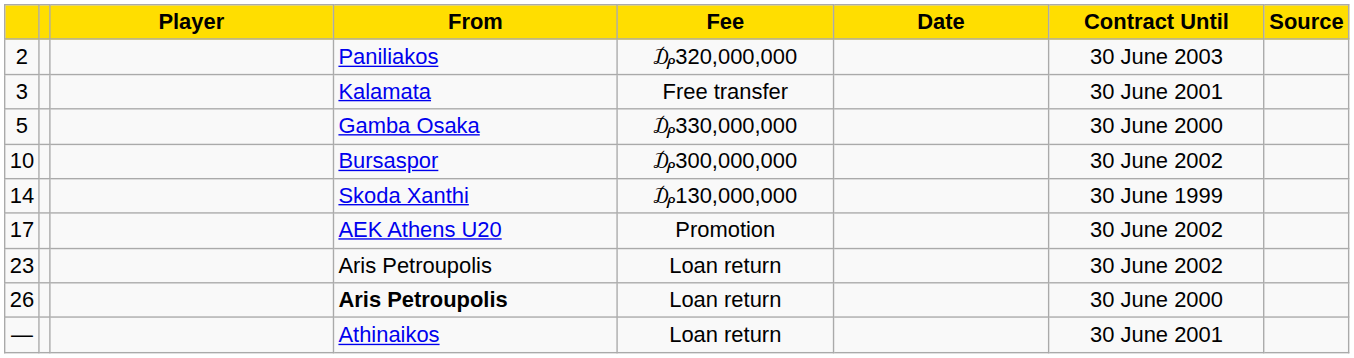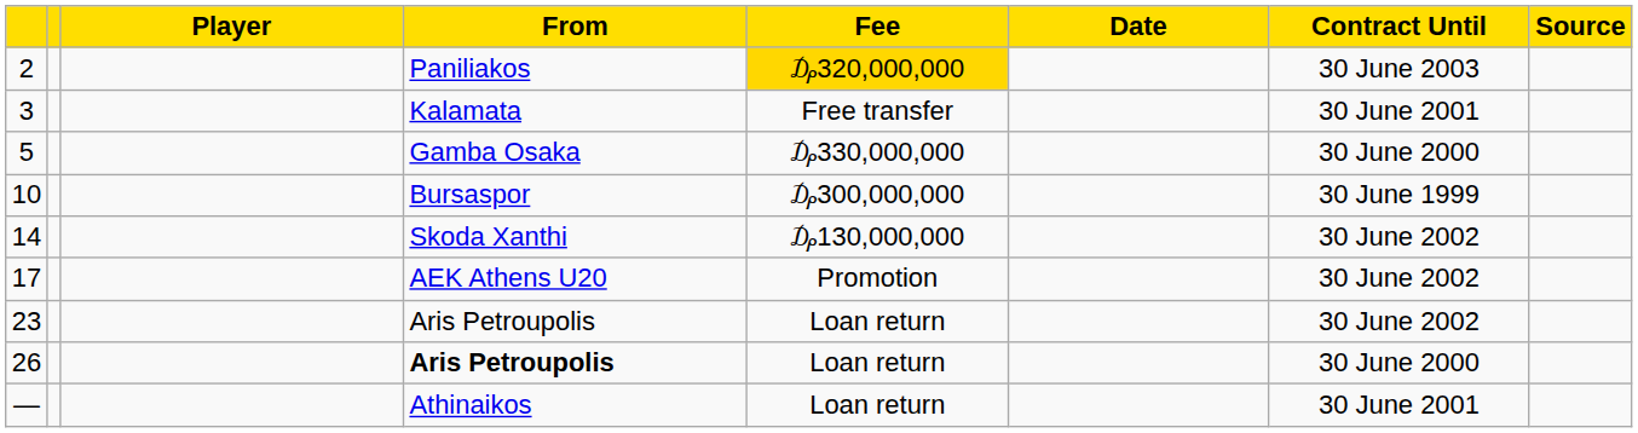 <table class="wikitable sortable">
 <tr>
 <th style="background:#FFDE00"></th>
 <th style="background:#FFDE00"></th>
 <th width=200 style="background:#FFDE00">Player</th>
 <th width=200 style="background:#FFDE00">From</th>
 <th width=150 style="background:#FFDE00">Fee</th>
 <th width=150 style="background:#FFDE00">Date</th>
 <th width=150 style="background:#FFDE00">Contract Until</th>
 <th style="background:#FFDE00">Source</th>
 </tr>
 <tr>
 <td align=center>2</td>
 <td align=center></td>
 <td></td>
 <td> <a href='#'>Paniliakos</a></td>
-<td align=center>₯320,000,000</td>
+<td align=center style="background: gold;">₯320,000,000</td>
 <td align=center></td>
 <td align=center>30 June 2003</td>
 <td align=center></td>
 </tr>
 <tr>
 <td align=center>3</td>
 <td align=center></td>
 <td></td>
 <td> <a href='#'>Kalamata</a></td>
 <td align=center>Free transfer</td>
 <td align=center></td>
 <td align=center>30 June 2001</td>
 <td align=center></td>
 </tr>
 <tr>
 <td align=center>5</td>
 <td align=center></td>
 <td></td>
 <td> <a href='#'>Gamba Osaka</a></td>
 <td align=center>₯330,000,000</td>
 <td align=center></td>
 <td align=center>30 June 2000</td>
 <td align=center></td>
 </tr>
 <tr>
 <td align=center>10</td>
 <td align=center></td>
 <td></td>
 <td> <a href='#'>Bursaspor</a></td>
 <td align=center>₯300,000,000</td>
 <td align=center></td>
-<td align=center>30 June 2002</td>
+<td align=center>30 June 1999</td>
 <td align=center></td>
 </tr>
 <tr>
 <td align=center>14</td>
 <td align=center></td>
 <td></td>
 <td> <a href='#'>Skoda Xanthi</a></td>
 <td align=center>₯130,000,000</td>
 <td align=center></td>
-<td align=center>30 June 1999</td>
+<td align=center>30 June 2002</td>
 <td align=center></td>
 </tr>
 <tr>
 <td align=center>17</td>
 <td align=center></td>
 <td></td>
 <td> <a href='#'>AEK Athens U20</a></td>
 <td align=center>Promotion</td>
 <td align=center></td>
 <td align=center>30 June 2002</td>
 <td align=center></td>
 </tr>
 <tr>
 <td align=center>23</td>
 <td align=center></td>
 <td></td>
 <td> Aris Petroupolis</td>
 <td align=center>Loan return</td>
 <td align=center></td>
 <td align=center>30 June 2002</td>
 <td align=center></td>
 </tr>
 <tr>
 <td align=center>26</td>
 <td align=center></td>
 <td></td>
 <td><strong> Aris Petroupolis</strong></td>
 <td align=center>Loan return</td>
 <td align=center></td>
 <td align=center>30 June 2000</td>
 <td align=center></td>
 </tr>
 <tr>
 <td align=center>—</td>
 <td align=center></td>
 <td></td>
 <td> <a href='#'>Athinaikos</a></td>
 <td align=center>Loan return</td>
 <td align=center></td>
 <td align=center>30 June 2001</td>
 <td align=center></td>
 </tr>
 </table>
